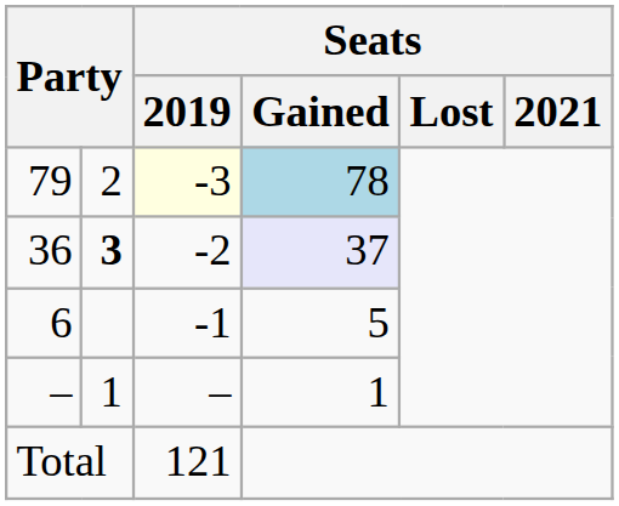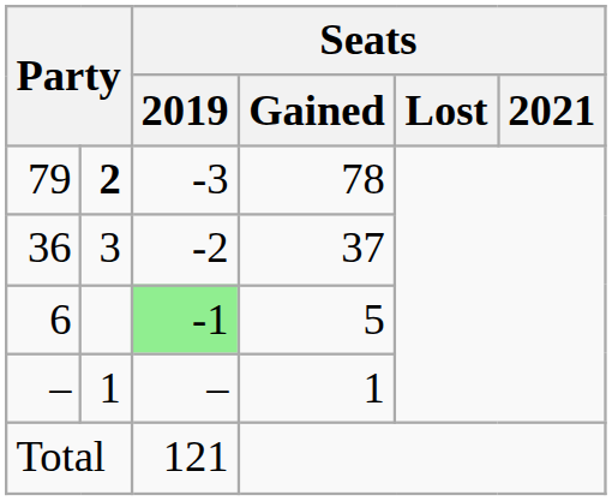 <table class="wikitable" style="text-align:right;">
 <tr>
 <th colspan="2" rowspan="2">Party</th>
 <th colspan="4">Seats</th>
 </tr>
 <tr>
 <th>2019</th>
 <th>Gained</th>
 <th>Lost</th>
 <th>2021</th>
 </tr>
 <tr>
 <td>79</td>
-<td>2</td>
-<td style="background: lightyellow;">-3</td>
-<td style="background: lightblue;">78</td>
+<td><strong>2</strong></td>
+<td>-3</td>
+<td>78</td>
 </tr>
 <tr>
 <td>36</td>
-<td><strong>3</strong></td>
+<td>3</td>
 <td>-2</td>
-<td style="background: lavender;">37</td>
+<td>37</td>
 </tr>
 <tr>
 <td>6</td>
 <td></td>
-<td>-1</td>
+<td style="background: lightgreen;">-1</td>
 <td>5</td>
 </tr>
 <tr>
 <td>–</td>
 <td>1</td>
 <td>–</td>
 <td>1</td>
 </tr>
 <tr>
 <td colspan="2" style="text-align: left;">Total</td>
 <td>121</td>
 <td colspan="6"></td>
 </tr>
 </table>
